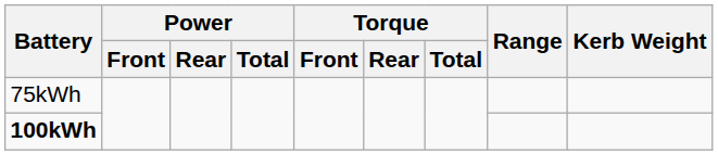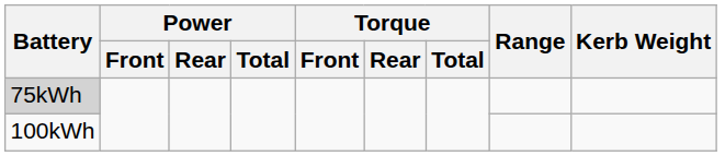 <table class="wikitable">
 <tr>
 <th rowspan="2">Battery</th>
 <th colspan="3">Power</th>
 <th colspan="3">Torque</th>
 <th rowspan="2">Range</th>
 <th rowspan="2">Kerb Weight</th>
 </tr>
 <tr>
 <th>Front</th>
 <th>Rear</th>
 <th>Total</th>
 <th>Front</th>
 <th>Rear</th>
 <th>Total</th>
 </tr>
 <tr>
-<td>75kWh</td>
+<td style="background: lightgrey;">75kWh</td>
 <td rowspan="2"></td>
 <td rowspan="2"></td>
 <td rowspan="2"></td>
 <td rowspan="2"></td>
 <td rowspan="2"></td>
 <td rowspan="2"></td>
 <td></td>
 <td></td>
 </tr>
 <tr>
-<td><strong>100kWh</strong></td>
+<td>100kWh</td>
 <td></td>
 <td></td>
 </tr>
 </table>
